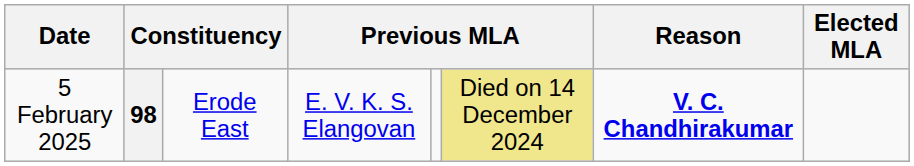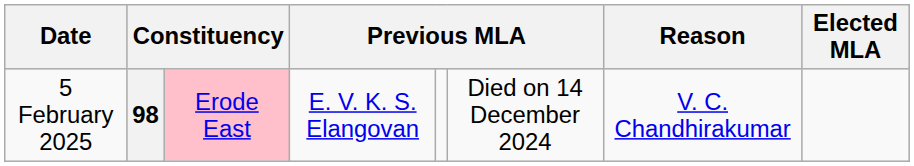 <table class="wikitable sortable" style="text-align:center;">
 <tr>
 <th>Date</th>
 <th colspan=2>Constituency</th>
 <th colspan=3>Previous MLA</th>
 <th>Reason</th>
 <th colspan=3>Elected MLA</th>
 </tr>
 <tr>
 <td rowspan=1>5 February 2025</td>
 <th>98</th>
-<td><a href='#'>Erode East</a></td>
+<td style="background: pink;"><a href='#'>Erode East</a></td>
 <td><a href='#'>E. V. K. S. Elangovan</a></td>
 <td></td>
-<td style="background: khaki;">Died on 14 December 2024</td>
-<td><strong><a href='#'>V. C. Chandhirakumar</a></strong></td>
+<td>Died on 14 December 2024</td>
+<td><a href='#'>V. C. Chandhirakumar</a></td>
 <td></td>
 </tr>
 </table>
